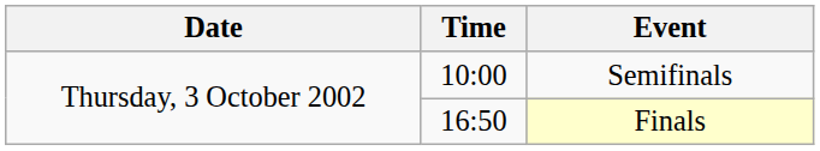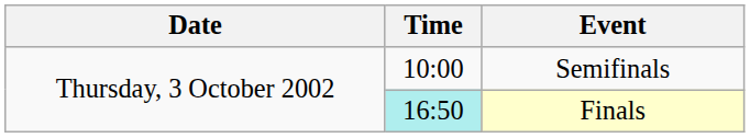 <table class = "wikitable" style="text-align:center;">
 <tr>
 <th width=220>Date</th>
 <th width=50>Time</th>
 <th width=150>Event</th>
 </tr>
 <tr>
 <td rowspan=2>Thursday, 3 October 2002</td>
 <td>10:00</td>
 <td>Semifinals</td>
 </tr>
 <tr>
-<td>16:50</td>
+<td style="background: paleturquoise;">16:50</td>
 <td bgcolor=ffffcc>Finals</td>
 </tr>
 </table>
